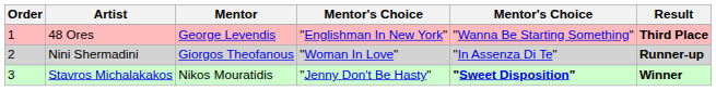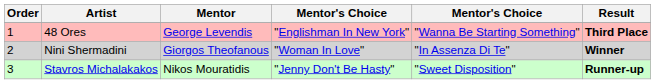 <table class=wikitable>
 <tr>
 <th>Order</th>
 <th>Artist</th>
 <th>Mentor</th>
 <th>Mentor's Choice</th>
 <th>Mentor's Choice</th>
 <th>Result</th>
 </tr>
 <tr bgcolor="grey">
 </tr>
 <tr>
 </tr>
 <tr bgcolor="#FFBBBB">
 <td>1</td>
 <td>48 Ores</td>
 <td><a href='#'>George Levendis</a></td>
 <td>"<a href='#'>Englishman In New York</a>"</td>
 <td>"<a href='#'>Wanna Be Starting Something</a>"</td>
 <td><strong>Third Place</strong></td>
 </tr>
 <tr bgcolor="lightgrey">
 <td>2</td>
 <td>Nini Shermadini</td>
 <td><a href='#'>Giorgos Theofanous</a></td>
 <td>"<a href='#'>Woman In Love</a>"</td>
 <td>"<a href='#'>In Assenza Di Te</a>"</td>
-<td><strong>Runner-up</strong></td>
+<td><strong>Winner</strong></td>
 </tr>
 <tr bgcolor="#CCFFCC">
 <td>3</td>
 <td><a href='#'>Stavros Michalakakos</a></td>
 <td>Nikos Mouratidis</td>
 <td>"<a href='#'>Jenny Don't Be Hasty</a>"</td>
-<td><strong>"<a href='#'>Sweet Disposition</a>"</strong></td>
-<td><strong>Winner</strong></td>
+<td>"<a href='#'>Sweet Disposition</a>"</td>
+<td><strong>Runner-up</strong></td>
 </tr>
 </table>
